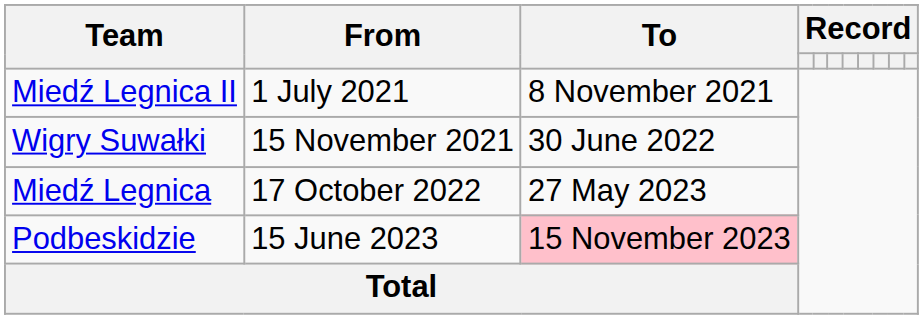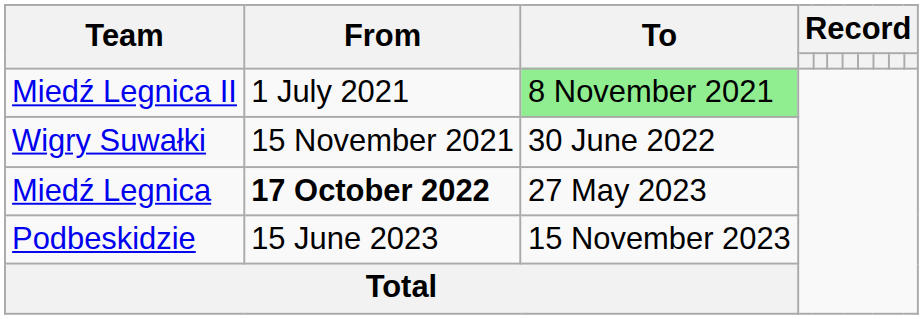 <table class="wikitable" style="text-align: center;">
 <tr>
 <th rowspan="2">Team</th>
 <th rowspan="2">From</th>
 <th rowspan="2">To</th>
 <th colspan="8">Record</th>
 </tr>
 <tr>
 <th></th>
 <th></th>
 <th></th>
 <th></th>
 <th></th>
 <th></th>
 <th></th>
 <th></th>
 </tr>
 <tr>
 <td align=left><a href='#'>Miedź Legnica II</a></td>
 <td align=left>1 July 2021</td>
-<td align=left>8 November 2021<br></td>
+<td align=left style="background: lightgreen;">8 November 2021<br></td>
 </tr>
 <tr>
 <td align=left><a href='#'>Wigry Suwałki</a></td>
 <td align=left>15 November 2021</td>
 <td align=left>30 June 2022<br></td>
 </tr>
 <tr>
 <td align=left><a href='#'>Miedź Legnica</a></td>
-<td align=left>17 October 2022</td>
+<td align=left><strong>17 October 2022</strong></td>
 <td align=left>27 May 2023<br></td>
 </tr>
 <tr>
 <td align=left><a href='#'>Podbeskidzie</a></td>
 <td align=left>15 June 2023</td>
-<td align=left style="background: pink;">15 November 2023<br></td>
+<td align=left>15 November 2023<br></td>
 </tr>
 <tr>
 <th colspan="3">Total<br></th>
 </tr>
 </table>
